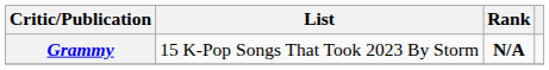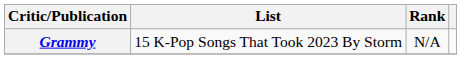 <table class="wikitable sortable plainrowheaders" style="text-align:center">
 <tr>
 <th scope="col">Critic/Publication</th>
 <th scope="col">List</th>
 <th scope="col">Rank</th>
 <th scope="col" class="unsortable"></th>
 </tr>
 <tr>
 <th scope="row"><em><a href='#'>Grammy</a></em></th>
 <td style="text-align:left">15 K-Pop Songs That Took 2023 By Storm</td>
-<td><strong>N/A</strong></td>
+<td>N/A</td>
 <td></td>
 </tr>
 <tr>
 </tr>
 </table>
